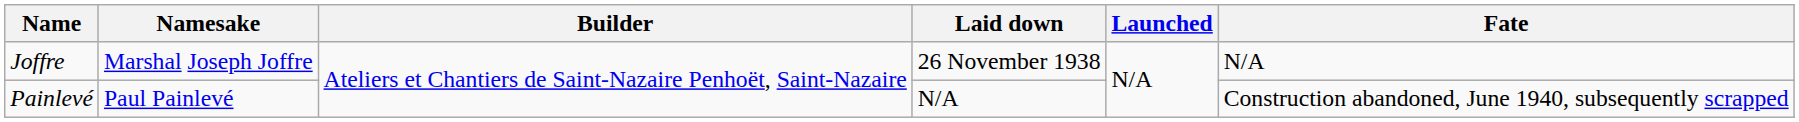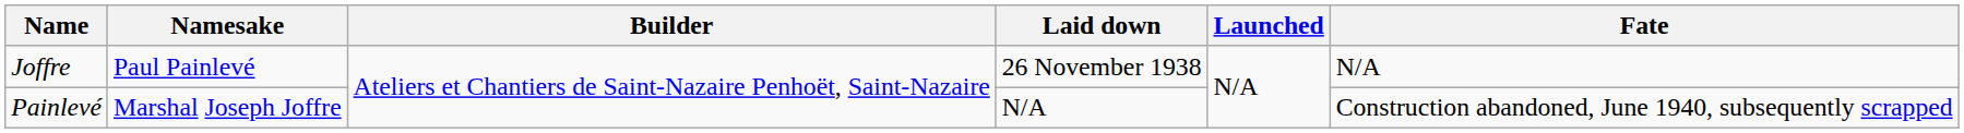 <table class="wikitable plainrowheaders">
 <tr>
 <th scope="col”">Name</th>
 <th scope="col”">Namesake</th>
 <th scope="col”">Builder</th>
 <th scope="col”">Laid down</th>
 <th scope="col”"><a href='#'>Launched</a></th>
 <th scope="col”">Fate</th>
 </tr>
 <tr>
 <td scope="row”"><em>Joffre</em></td>
-<td scope="row”"><a href='#'>Marshal</a> <a href='#'>Joseph Joffre</a></td>
+<td scope="row”"><a href='#'>Paul Painlevé</a></td>
 <td scope="rowgroup" rowspan="2"><a href='#'>Ateliers et Chantiers de Saint-Nazaire Penhoët</a>, <a href='#'>Saint-Nazaire</a></td>
 <td scope="row”">26 November 1938</td>
 <td scope="rowgroup" rowspan="2">N/A</td>
 <td scope="row”">N/A</td>
 </tr>
 <tr>
 <td scope="row”"><em>Painlevé</em></td>
-<td scope="row”"><a href='#'>Paul Painlevé</a></td>
+<td scope="row”"><a href='#'>Marshal</a> <a href='#'>Joseph Joffre</a></td>
 <td scope="row”">N/A</td>
 <td scope="row”">Construction abandoned, June 1940, subsequently <a href='#'>scrapped</a></td>
 </tr>
 </table>
